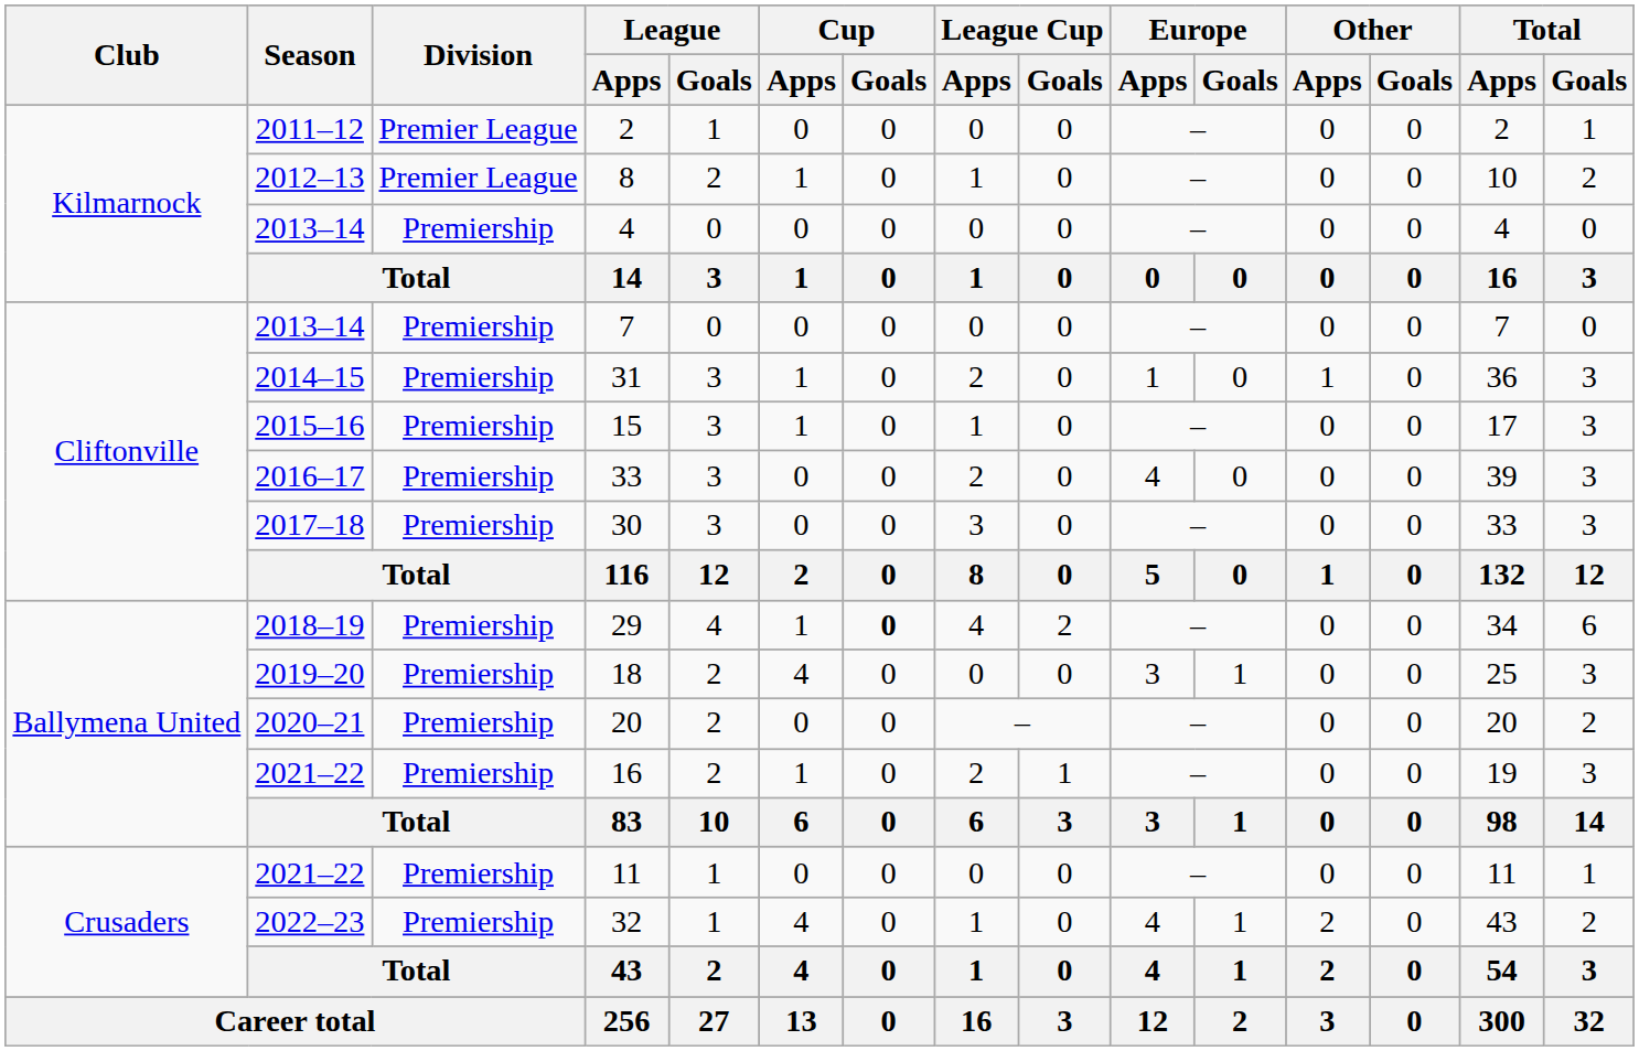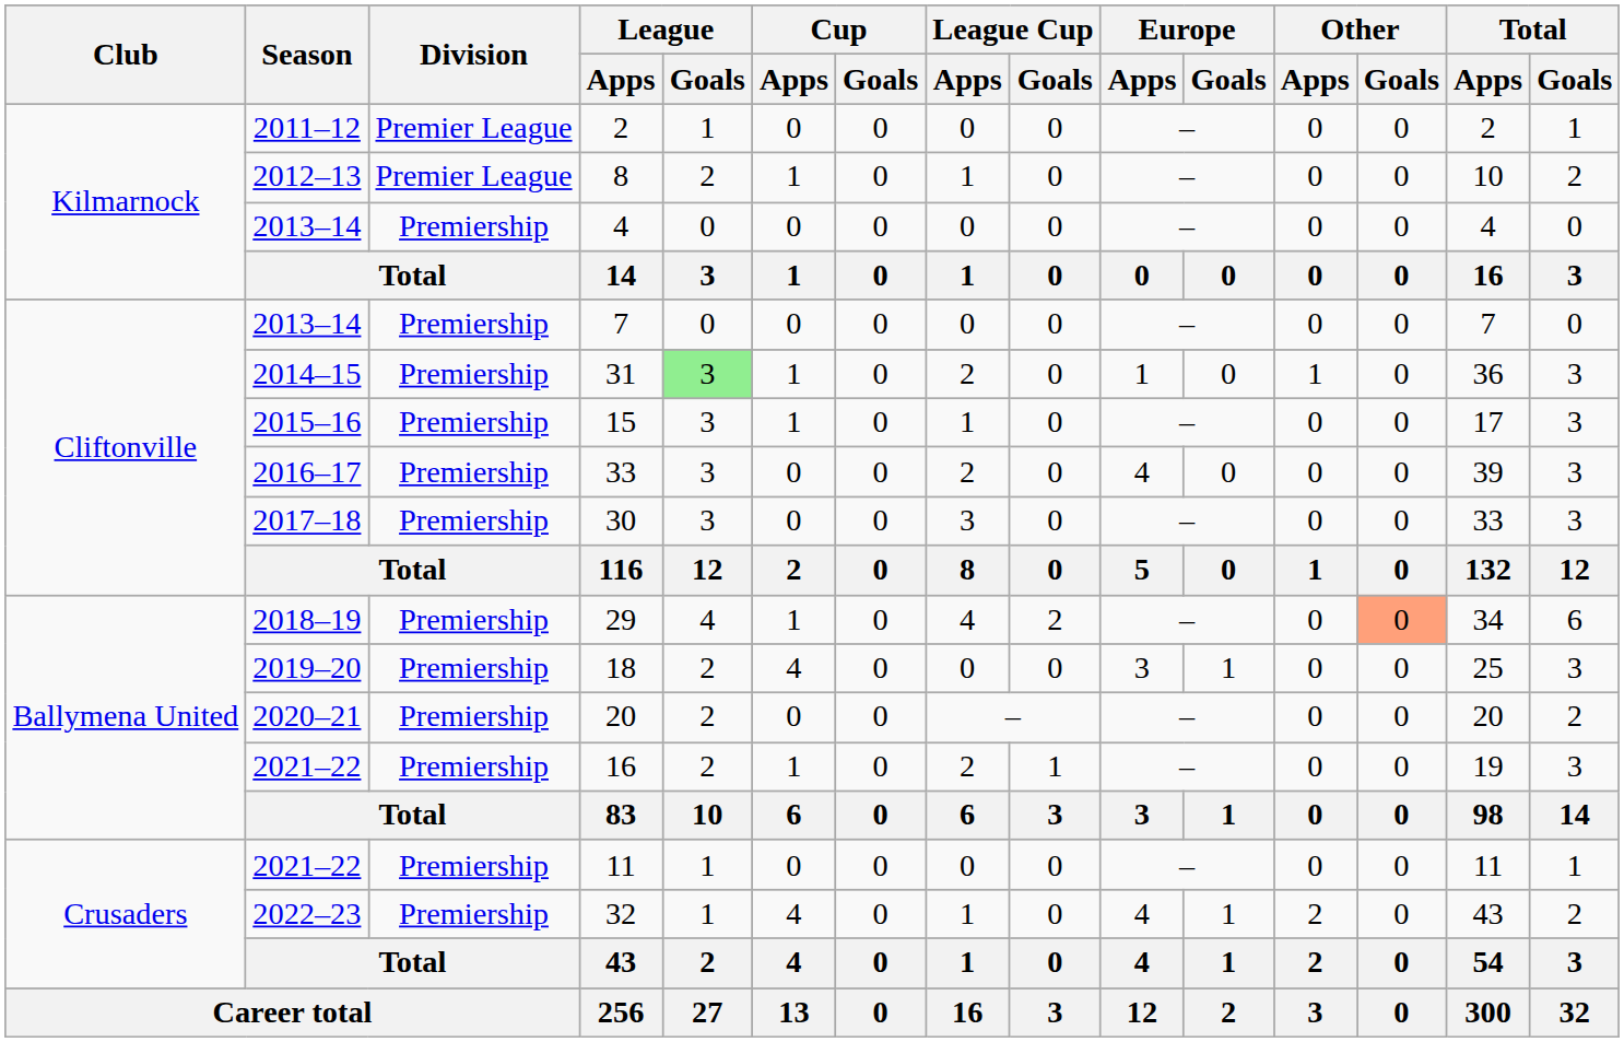 <table class="wikitable" style="text-align: center">
 <tr>
 <th rowspan="2">Club</th>
 <th rowspan="2">Season</th>
 <th rowspan="2">Division</th>
 <th colspan="2">League</th>
 <th colspan="2">Cup</th>
 <th colspan="2">League Cup</th>
 <th colspan="2">Europe</th>
 <th colspan="2">Other</th>
 <th colspan="2">Total</th>
 </tr>
 <tr>
 <th>Apps</th>
 <th>Goals</th>
 <th>Apps</th>
 <th>Goals</th>
 <th>Apps</th>
 <th>Goals</th>
 <th>Apps</th>
 <th>Goals</th>
 <th>Apps</th>
 <th>Goals</th>
 <th>Apps</th>
 <th>Goals</th>
 </tr>
 <tr>
 <td rowspan="4"><a href='#'>Kilmarnock</a></td>
 <td><a href='#'>2011–12</a></td>
 <td><a href='#'>Premier League</a></td>
 <td>2</td>
 <td>1</td>
 <td>0</td>
 <td>0</td>
 <td>0</td>
 <td>0</td>
 <td colspan="2">–</td>
 <td>0</td>
 <td>0</td>
 <td>2</td>
 <td>1</td>
 </tr>
 <tr>
 <td><a href='#'>2012–13</a></td>
 <td><a href='#'>Premier League</a></td>
 <td>8</td>
 <td>2</td>
 <td>1</td>
 <td>0</td>
 <td>1</td>
 <td>0</td>
 <td colspan="2">–</td>
 <td>0</td>
 <td>0</td>
 <td>10</td>
 <td>2</td>
 </tr>
 <tr>
 <td><a href='#'>2013–14</a></td>
 <td><a href='#'>Premiership</a></td>
 <td>4</td>
 <td>0</td>
 <td>0</td>
 <td>0</td>
 <td>0</td>
 <td>0</td>
 <td colspan="2">–</td>
 <td>0</td>
 <td>0</td>
 <td>4</td>
 <td>0</td>
 </tr>
 <tr>
 <th colspan="2">Total</th>
 <th>14</th>
 <th>3</th>
 <th>1</th>
 <th>0</th>
 <th>1</th>
 <th>0</th>
 <th>0</th>
 <th>0</th>
 <th>0</th>
 <th>0</th>
 <th>16</th>
 <th>3</th>
 </tr>
 <tr>
 <td rowspan="6"><a href='#'>Cliftonville</a></td>
 <td><a href='#'>2013–14</a></td>
 <td><a href='#'>Premiership</a></td>
 <td>7</td>
 <td>0</td>
 <td>0</td>
 <td>0</td>
 <td>0</td>
 <td>0</td>
 <td colspan="2">–</td>
 <td>0</td>
 <td>0</td>
 <td>7</td>
 <td>0</td>
 </tr>
 <tr>
 <td><a href='#'>2014–15</a></td>
 <td><a href='#'>Premiership</a></td>
 <td>31</td>
-<td>3</td>
+<td style="background: lightgreen;">3</td>
 <td>1</td>
 <td>0</td>
 <td>2</td>
 <td>0</td>
 <td>1</td>
 <td>0</td>
 <td>1</td>
 <td>0</td>
 <td>36</td>
 <td>3</td>
 </tr>
 <tr>
 <td><a href='#'>2015–16</a></td>
 <td><a href='#'>Premiership</a></td>
 <td>15</td>
 <td>3</td>
 <td>1</td>
 <td>0</td>
 <td>1</td>
 <td>0</td>
 <td colspan="2">–</td>
 <td>0</td>
 <td>0</td>
 <td>17</td>
 <td>3</td>
 </tr>
 <tr>
 <td><a href='#'>2016–17</a></td>
 <td><a href='#'>Premiership</a></td>
 <td>33</td>
 <td>3</td>
 <td>0</td>
 <td>0</td>
 <td>2</td>
 <td>0</td>
 <td>4</td>
 <td>0</td>
 <td>0</td>
 <td>0</td>
 <td>39</td>
 <td>3</td>
 </tr>
 <tr>
 <td><a href='#'>2017–18</a></td>
 <td><a href='#'>Premiership</a></td>
 <td>30</td>
 <td>3</td>
 <td>0</td>
 <td>0</td>
 <td>3</td>
 <td>0</td>
 <td colspan="2">–</td>
 <td>0</td>
 <td>0</td>
 <td>33</td>
 <td>3</td>
 </tr>
 <tr>
 <th colspan="2">Total</th>
 <th>116</th>
 <th>12</th>
 <th>2</th>
 <th>0</th>
 <th>8</th>
 <th>0</th>
 <th>5</th>
 <th>0</th>
 <th>1</th>
 <th>0</th>
 <th>132</th>
 <th>12</th>
 </tr>
 <tr>
 <td rowspan="5"><a href='#'>Ballymena United</a></td>
 <td><a href='#'>2018–19</a></td>
 <td><a href='#'>Premiership</a></td>
 <td>29</td>
 <td>4</td>
 <td>1</td>
-<td><strong>0</strong></td>
+<td>0</td>
 <td>4</td>
 <td>2</td>
 <td colspan="2">–</td>
 <td>0</td>
-<td>0</td>
+<td style="background: lightsalmon;">0</td>
 <td>34</td>
 <td>6</td>
 </tr>
 <tr>
 <td><a href='#'>2019–20</a></td>
 <td><a href='#'>Premiership</a></td>
 <td>18</td>
 <td>2</td>
 <td>4</td>
 <td>0</td>
 <td>0</td>
 <td>0</td>
 <td>3</td>
 <td>1</td>
 <td>0</td>
 <td>0</td>
 <td>25</td>
 <td>3</td>
 </tr>
 <tr>
 <td><a href='#'>2020–21</a></td>
 <td><a href='#'>Premiership</a></td>
 <td>20</td>
 <td>2</td>
 <td>0</td>
 <td>0</td>
 <td colspan="2">–</td>
 <td colspan="2">–</td>
 <td>0</td>
 <td>0</td>
 <td>20</td>
 <td>2</td>
 </tr>
 <tr>
 <td><a href='#'>2021–22</a></td>
 <td><a href='#'>Premiership</a></td>
 <td>16</td>
 <td>2</td>
 <td>1</td>
 <td>0</td>
 <td>2</td>
 <td>1</td>
 <td colspan="2">–</td>
 <td>0</td>
 <td>0</td>
 <td>19</td>
 <td>3</td>
 </tr>
 <tr>
 <th colspan="2">Total</th>
 <th>83</th>
 <th>10</th>
 <th>6</th>
 <th>0</th>
 <th>6</th>
 <th>3</th>
 <th>3</th>
 <th>1</th>
 <th>0</th>
 <th>0</th>
 <th>98</th>
 <th>14</th>
 </tr>
 <tr>
 <td rowspan="3"><a href='#'>Crusaders</a></td>
 <td><a href='#'>2021–22</a></td>
 <td><a href='#'>Premiership</a></td>
 <td>11</td>
 <td>1</td>
 <td>0</td>
 <td>0</td>
 <td>0</td>
 <td>0</td>
 <td colspan="2">–</td>
 <td>0</td>
 <td>0</td>
 <td>11</td>
 <td>1</td>
 </tr>
 <tr>
 <td><a href='#'>2022–23</a></td>
 <td><a href='#'>Premiership</a></td>
 <td>32</td>
 <td>1</td>
 <td>4</td>
 <td>0</td>
 <td>1</td>
 <td>0</td>
 <td>4</td>
 <td>1</td>
 <td>2</td>
 <td>0</td>
 <td>43</td>
 <td>2</td>
 </tr>
 <tr>
 <th colspan="2">Total</th>
 <th>43</th>
 <th>2</th>
 <th>4</th>
 <th>0</th>
 <th>1</th>
 <th>0</th>
 <th>4</th>
 <th>1</th>
 <th>2</th>
 <th>0</th>
 <th>54</th>
 <th>3</th>
 </tr>
 <tr>
 <th colspan="3">Career total</th>
 <th>256</th>
 <th>27</th>
 <th>13</th>
 <th>0</th>
 <th>16</th>
 <th>3</th>
 <th>12</th>
 <th>2</th>
 <th>3</th>
 <th>0</th>
 <th>300</th>
 <th>32</th>
 </tr>
 </table>
